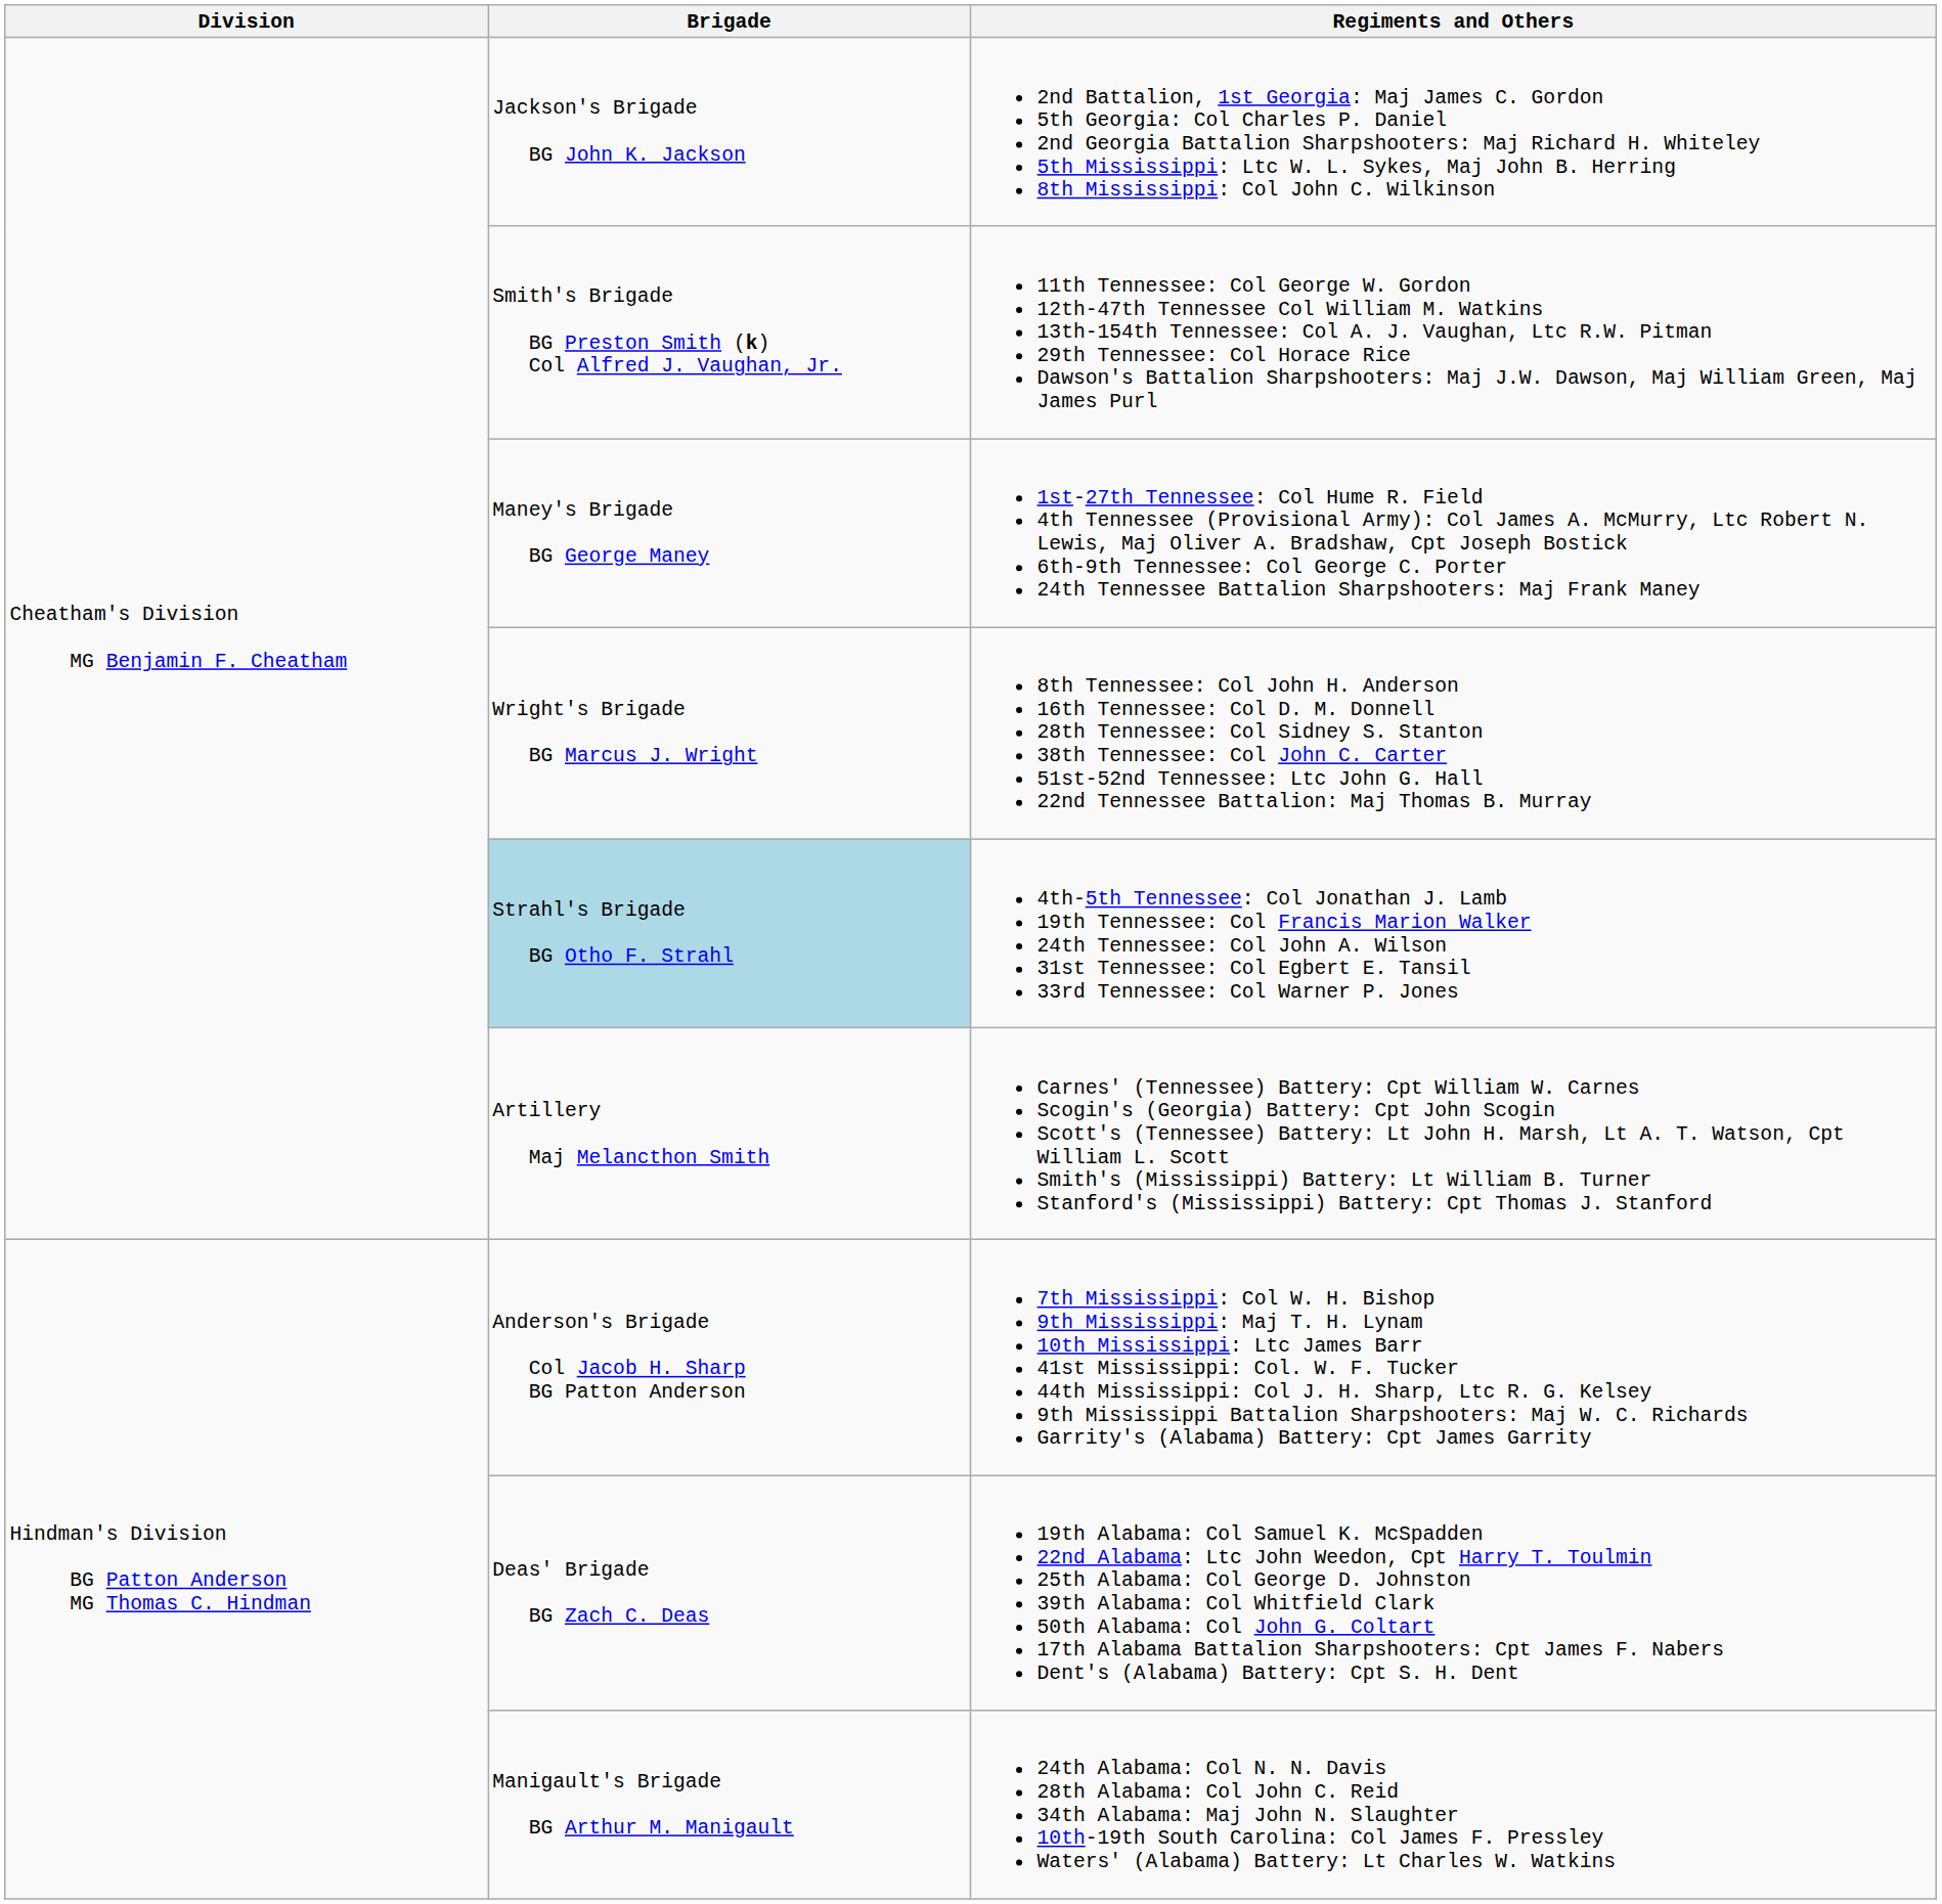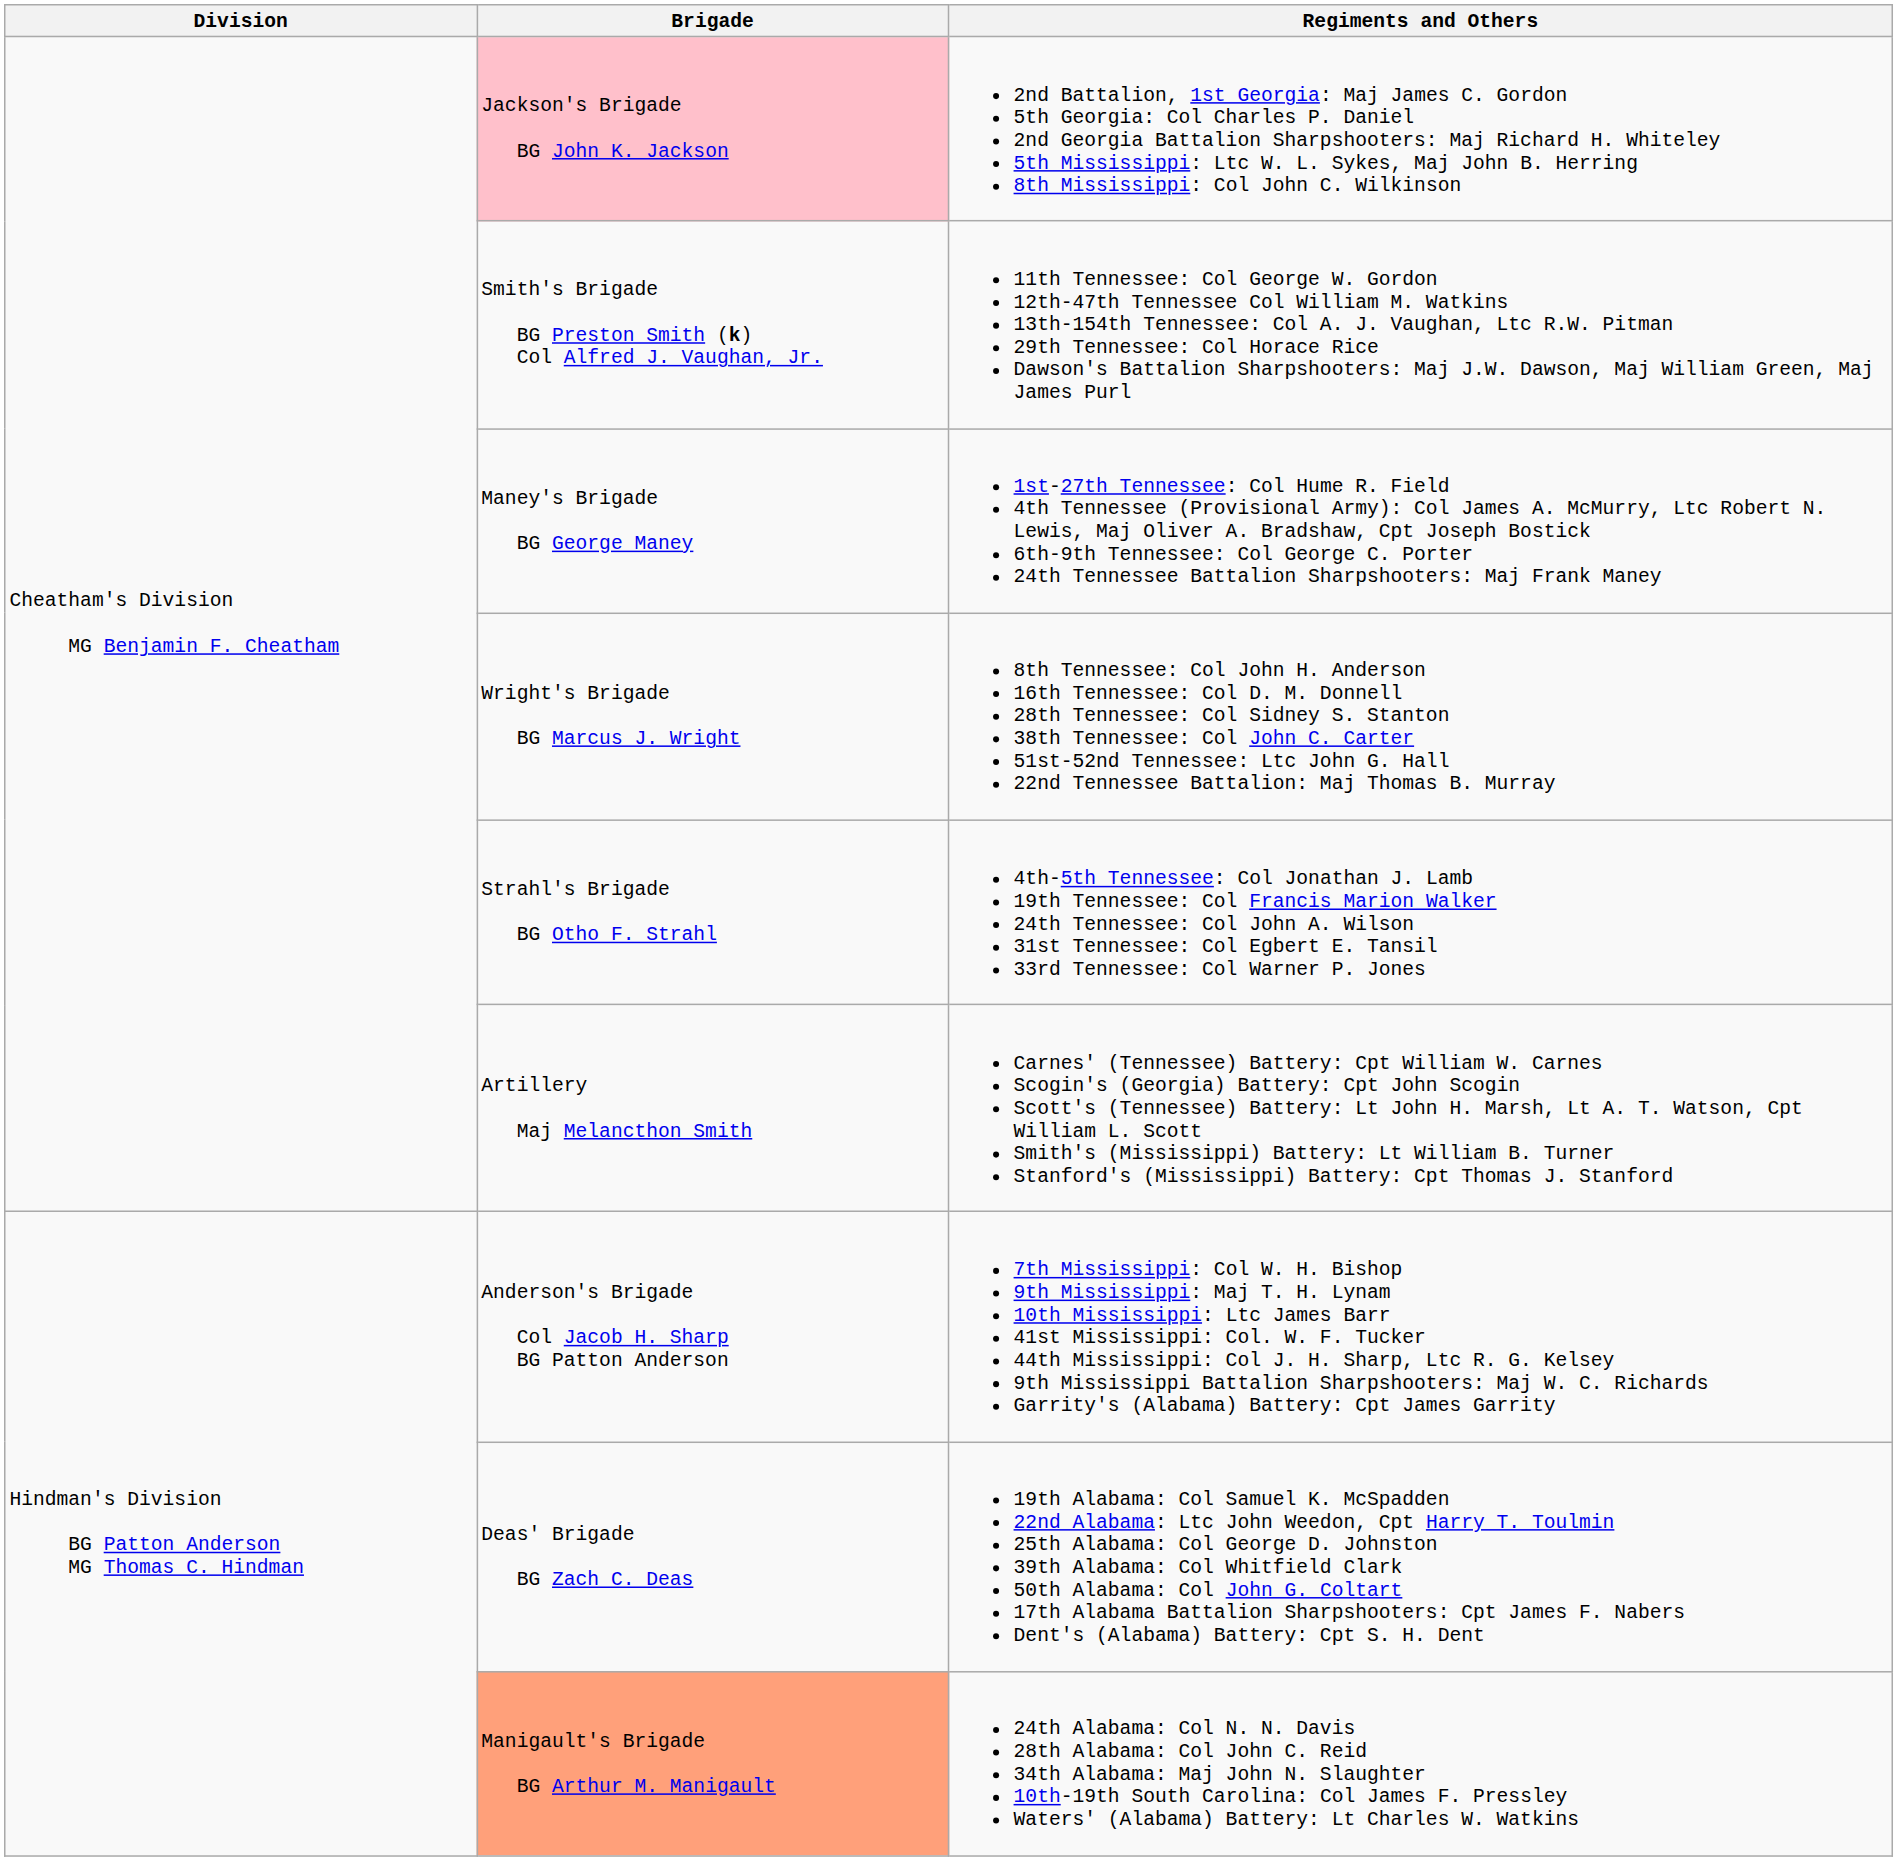 <table class="wikitable">
 <tr>
 <th width=25%>Division</th>
 <th width=25%>Brigade</th>
 <th>Regiments and Others</th>
 </tr>
 <tr>
 <td rowspan=6><br>Cheatham's Division<br><br>     MG <a href='#'>Benjamin F. Cheatham</a> <br>  </td>
-<td>Jackson's Brigade<br><br>   BG <a href='#'>John K. Jackson</a></td>
+<td style="background: pink;">Jackson's Brigade<br><br>   BG <a href='#'>John K. Jackson</a></td>
 <td><br><ul><li>2nd Battalion, <a href='#'>1st Georgia</a>: Maj James C. Gordon</li><li>5th Georgia: Col Charles P. Daniel</li><li>2nd Georgia Battalion Sharpshooters: Maj Richard H. Whiteley</li><li><a href='#'>5th Mississippi</a>: Ltc W. L. Sykes, Maj John B. Herring</li><li><a href='#'>8th Mississippi</a>: Col John C. Wilkinson</li></ul></td>
 </tr>
 <tr>
 <td>Smith's Brigade<br><br>   BG <a href='#'>Preston Smith</a> (<strong>k</strong>) <br>   Col <a href='#'>Alfred J. Vaughan, Jr.</a></td>
 <td><br><ul><li>11th Tennessee: Col George W. Gordon</li><li>12th-47th Tennessee Col William M. Watkins</li><li>13th-154th Tennessee: Col A. J. Vaughan, Ltc R.W. Pitman</li><li>29th Tennessee: Col Horace Rice</li><li>Dawson's Battalion Sharpshooters: Maj J.W. Dawson, Maj William Green, Maj James Purl</li></ul></td>
 </tr>
 <tr>
 <td>Maney's Brigade<br><br>   BG <a href='#'>George Maney</a></td>
 <td><br><ul><li><a href='#'>1st</a>-<a href='#'>27th Tennessee</a>: Col Hume R. Field</li><li>4th Tennessee (Provisional Army): Col James A. McMurry, Ltc Robert N. Lewis, Maj Oliver A. Bradshaw, Cpt Joseph Bostick</li><li>6th-9th Tennessee: Col George C. Porter</li><li>24th Tennessee Battalion Sharpshooters: Maj Frank Maney</li></ul></td>
 </tr>
 <tr>
 <td>Wright's Brigade<br><br>   BG <a href='#'>Marcus J. Wright</a></td>
 <td><br><ul><li>8th Tennessee: Col John H. Anderson</li><li>16th Tennessee: Col D. M. Donnell</li><li>28th Tennessee: Col Sidney S. Stanton</li><li>38th Tennessee: Col <a href='#'>John C. Carter</a></li><li>51st-52nd Tennessee: Ltc John G. Hall</li><li>22nd Tennessee Battalion: Maj Thomas B. Murray</li></ul></td>
 </tr>
 <tr>
-<td style="background: lightblue;">Strahl's Brigade<br><br>   BG <a href='#'>Otho F. Strahl</a></td>
+<td>Strahl's Brigade<br><br>   BG <a href='#'>Otho F. Strahl</a></td>
 <td><br><ul><li>4th-<a href='#'>5th Tennessee</a>: Col Jonathan J. Lamb</li><li>19th Tennessee: Col <a href='#'>Francis Marion Walker</a></li><li>24th Tennessee: Col John A. Wilson</li><li>31st Tennessee: Col Egbert E. Tansil</li><li>33rd Tennessee: Col Warner P. Jones</li></ul></td>
 </tr>
 <tr>
 <td>Artillery<br><br>   Maj <a href='#'>Melancthon Smith</a></td>
 <td><br><ul><li>Carnes' (Tennessee) Battery: Cpt William W. Carnes</li><li>Scogin's (Georgia) Battery: Cpt John Scogin</li><li>Scott's (Tennessee) Battery: Lt John H. Marsh, Lt A. T. Watson, Cpt William L. Scott</li><li>Smith's (Mississippi) Battery: Lt William B. Turner</li><li>Stanford's (Mississippi) Battery: Cpt Thomas J. Stanford</li></ul></td>
 </tr>
 <tr>
 <td rowspan=3><br>Hindman's Division<br><br>     BG <a href='#'>Patton Anderson</a> <br>     MG <a href='#'>Thomas C. Hindman</a> <br>  </td>
 <td>Anderson's Brigade<br><br>   Col <a href='#'>Jacob H. Sharp</a> <br>   BG Patton Anderson</td>
 <td><br><ul><li><a href='#'>7th Mississippi</a>: Col W. H. Bishop</li><li><a href='#'>9th Mississippi</a>: Maj T. H. Lynam</li><li><a href='#'>10th Mississippi</a>: Ltc James Barr</li><li>41st Mississippi: Col. W. F. Tucker</li><li>44th Mississippi: Col J. H. Sharp, Ltc R. G. Kelsey</li><li>9th Mississippi Battalion Sharpshooters: Maj W. C. Richards</li><li>Garrity's (Alabama) Battery: Cpt James Garrity</li></ul></td>
 </tr>
 <tr>
 <td>Deas' Brigade<br><br>   BG <a href='#'>Zach C. Deas</a></td>
 <td><br><ul><li>19th Alabama: Col Samuel K. McSpadden</li><li><a href='#'>22nd Alabama</a>: Ltc John Weedon, Cpt <a href='#'>Harry T. Toulmin</a></li><li>25th Alabama: Col George D. Johnston</li><li>39th Alabama: Col Whitfield Clark</li><li>50th Alabama: Col <a href='#'>John G. Coltart</a></li><li>17th Alabama Battalion Sharpshooters: Cpt James F. Nabers</li><li>Dent's (Alabama) Battery: Cpt S. H. Dent</li></ul></td>
 </tr>
 <tr>
-<td>Manigault's Brigade<br><br>   BG <a href='#'>Arthur M. Manigault</a></td>
+<td style="background: lightsalmon;">Manigault's Brigade<br><br>   BG <a href='#'>Arthur M. Manigault</a></td>
 <td><br><ul><li>24th Alabama: Col N. N. Davis</li><li>28th Alabama: Col John C. Reid</li><li>34th Alabama: Maj John N. Slaughter</li><li><a href='#'>10th</a>-19th South Carolina: Col James F. Pressley</li><li>Waters' (Alabama) Battery: Lt Charles W. Watkins</li></ul></td>
 </tr>
 </table>
